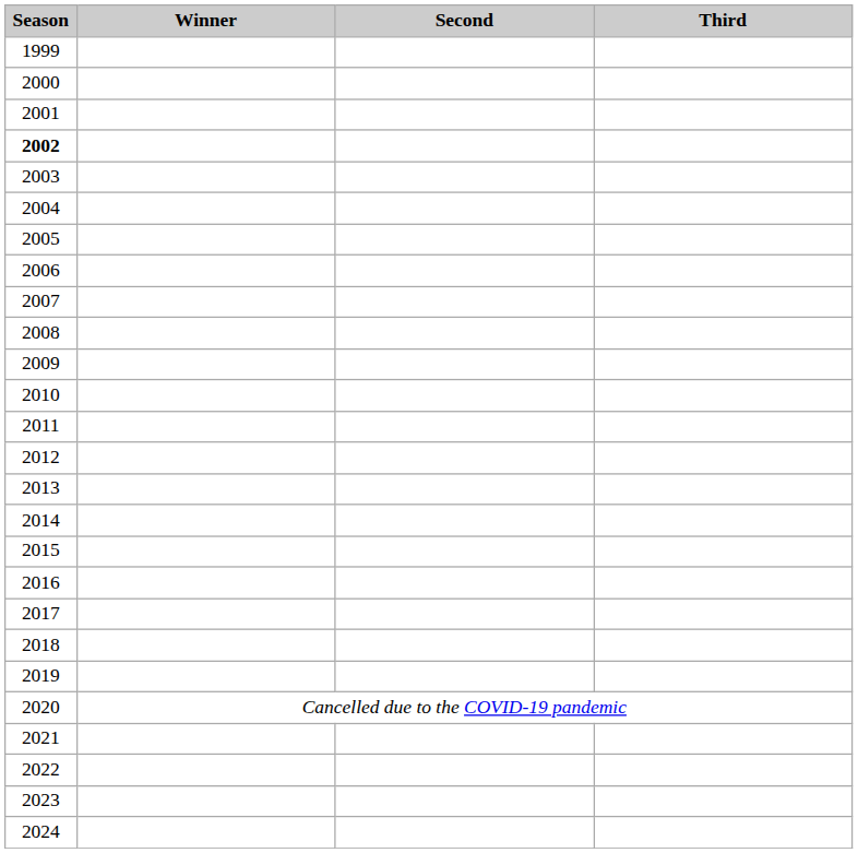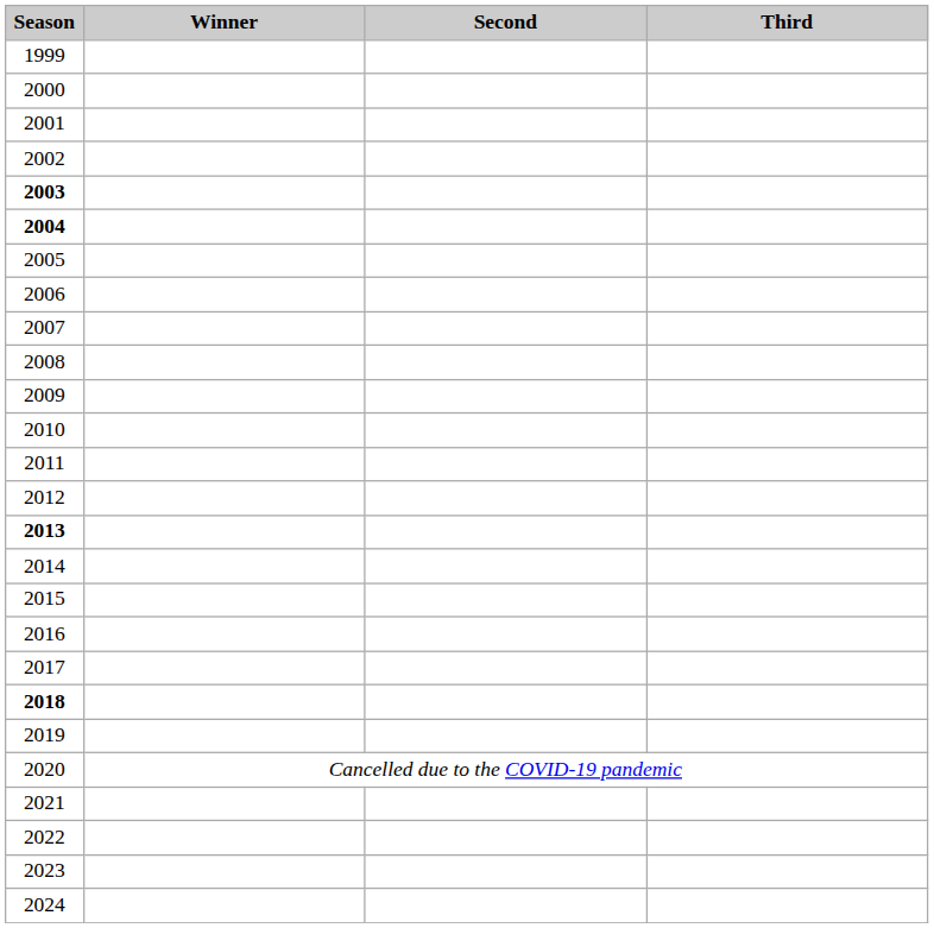 <table class="wikitable plainrowheaders" style="background:#fff; font-size:86%; line-height:16px; border:grey solid 1px; border-collapse:collapse;">
 <tr style="background:#ccc; text-align:center;">
 <th style="background:#ccc;" width="45">Season</th>
 <th style="background:#ccc;" width="180">Winner</th>
 <th style="background:#ccc;" width="180">Second</th>
 <th style="background:#ccc;" width="180">Third</th>
 </tr>
 <tr>
 <td align=center>1999</td>
 <td></td>
 <td></td>
 <td></td>
 </tr>
 <tr>
 <td align=center>2000</td>
 <td></td>
 <td></td>
 <td></td>
 </tr>
 <tr>
 <td align=center>2001</td>
 <td></td>
 <td></td>
 <td></td>
 </tr>
 <tr>
-<td align=center><strong>2002</strong></td>
+<td align=center>2002</td>
 <td></td>
 <td></td>
 <td></td>
 </tr>
 <tr>
-<td align=center>2003</td>
+<td align=center><strong>2003</strong></td>
 <td></td>
 <td></td>
 <td></td>
 </tr>
 <tr>
-<td align=center>2004</td>
+<td align=center><strong>2004</strong></td>
 <td></td>
 <td></td>
 <td></td>
 </tr>
 <tr>
 <td align=center>2005</td>
 <td></td>
 <td></td>
 <td></td>
 </tr>
 <tr>
 <td align=center>2006</td>
 <td></td>
 <td></td>
 <td></td>
 </tr>
 <tr>
 <td align=center>2007</td>
 <td></td>
 <td></td>
 <td></td>
 </tr>
 <tr>
 <td align=center>2008</td>
 <td></td>
 <td></td>
 <td></td>
 </tr>
 <tr>
 <td align=center>2009</td>
 <td></td>
 <td></td>
 <td></td>
 </tr>
 <tr>
 <td align=center>2010</td>
 <td></td>
 <td></td>
 <td></td>
 </tr>
 <tr>
 <td align=center>2011</td>
 <td></td>
 <td></td>
 <td></td>
 </tr>
 <tr>
 <td align=center>2012</td>
 <td></td>
 <td></td>
 <td></td>
 </tr>
 <tr>
-<td align=center>2013</td>
+<td align=center><strong>2013</strong></td>
 <td></td>
 <td></td>
 <td></td>
 </tr>
 <tr>
 <td align=center>2014</td>
 <td></td>
 <td></td>
 <td></td>
 </tr>
 <tr>
 <td align=center>2015</td>
 <td></td>
 <td></td>
 <td></td>
 </tr>
 <tr>
 <td align=center>2016</td>
 <td></td>
 <td></td>
 <td></td>
 </tr>
 <tr>
 <td align=center>2017</td>
 <td></td>
 <td></td>
 <td></td>
 </tr>
 <tr>
-<td align=center>2018</td>
+<td align=center><strong>2018</strong></td>
 <td></td>
 <td></td>
 <td></td>
 </tr>
 <tr>
 <td align=center>2019</td>
 <td></td>
 <td></td>
 <td></td>
 </tr>
 <tr>
 <td align=center>2020</td>
 <td align=center colspan=3><em>Cancelled due to the <a href='#'>COVID-19 pandemic</a></em></td>
 </tr>
 <tr>
 <td align=center>2021</td>
 <td></td>
 <td></td>
 <td></td>
 </tr>
 <tr>
 <td align=center>2022</td>
 <td></td>
 <td></td>
 <td></td>
 </tr>
 <tr>
 <td align=center>2023</td>
 <td></td>
 <td></td>
 <td></td>
 </tr>
 <tr>
 <td align=center>2024</td>
 <td></td>
 <td></td>
 <td></td>
 </tr>
 </table>
